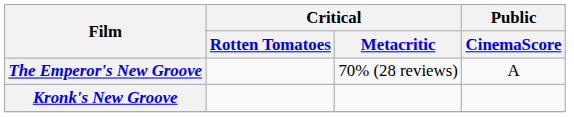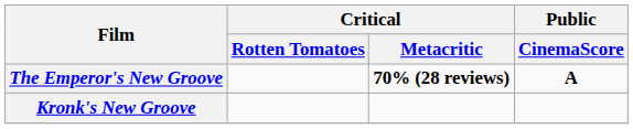 <table class="wikitable plainrowheaders sortable" style="text-align: center;">
 <tr>
 <th scope="col" rowspan="2">Film</th>
 <th scope="col" colspan="2">Critical</th>
 <th colspan="2" scope="col">Public</th>
 </tr>
 <tr>
 <th scope="col"><a href='#'>Rotten Tomatoes</a></th>
 <th scope="col"><a href='#'>Metacritic</a></th>
 <th scope="col"><a href='#'>CinemaScore</a></th>
 </tr>
 <tr>
 <th scope="row"><em><a href='#'>The Emperor's New Groove</a></em></th>
 <td></td>
-<td>70% (28 reviews)</td>
-<td>A</td>
+<td><strong>70% (28 reviews)</strong></td>
+<td><strong>A</strong></td>
 </tr>
 <tr>
 <th scope="row"><em><a href='#'>Kronk's New Groove</a></em></th>
 <td></td>
 <td></td>
 <td></td>
 </tr>
 <tr>
 </tr>
 </table>
